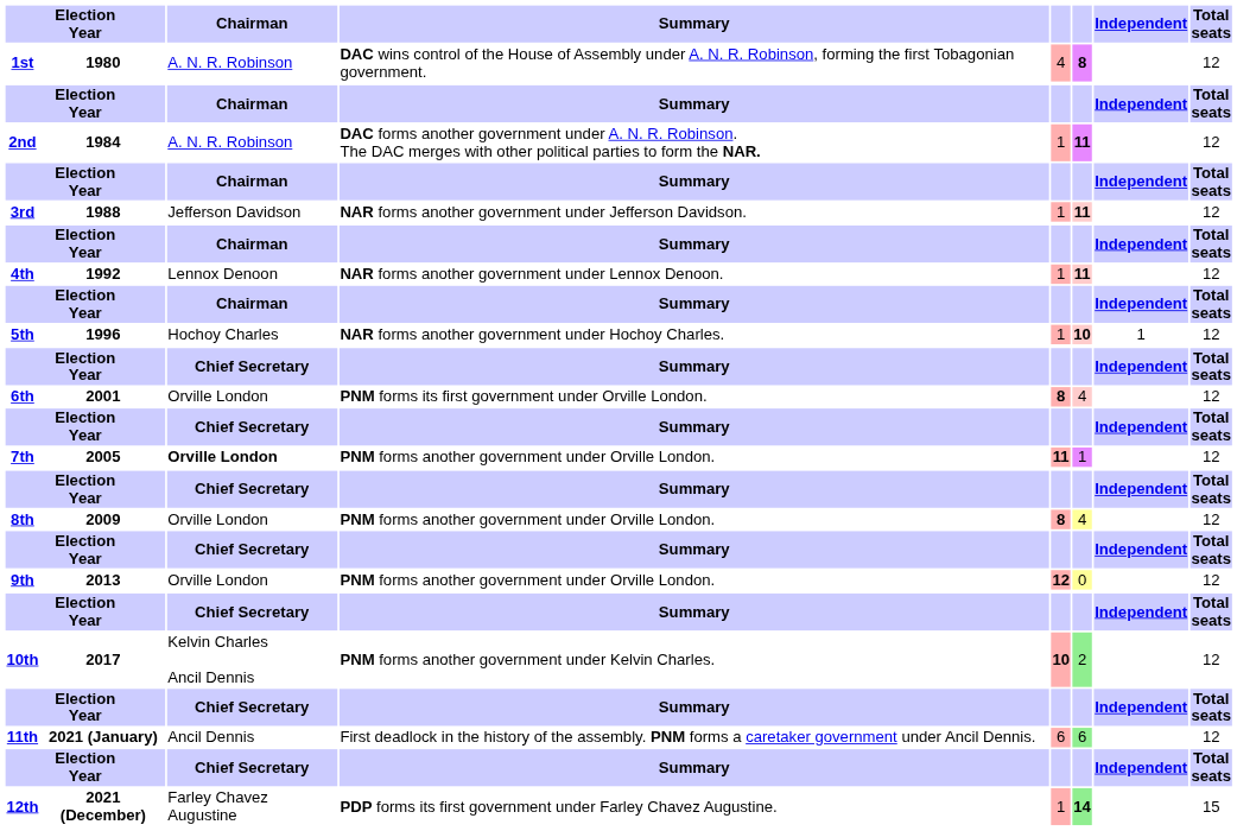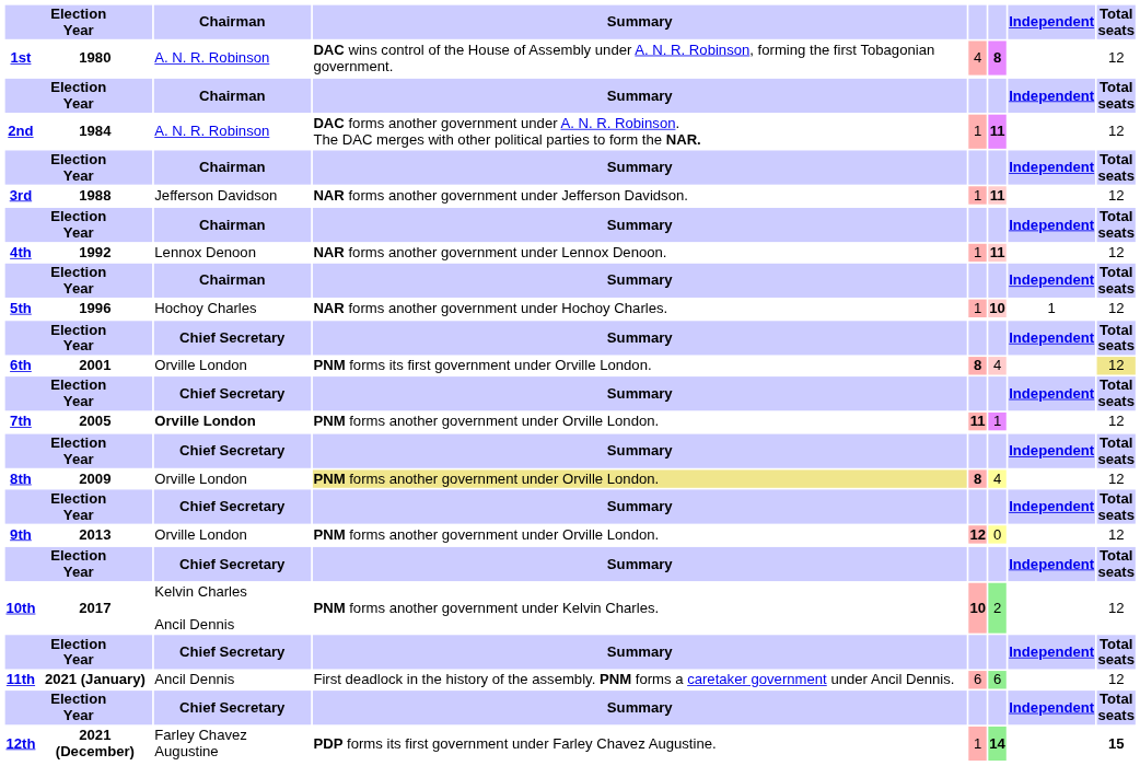 <table class="toccolours" id="summary-results-house-representatives" style="margin:0 auto; clear:both;" border="0">
 <tr style="background:#ccf;">
 <th colspan="2">Election<br>Year</th>
 <th colspan="2">Chairman</th>
 <th>Summary</th>
 <th style="background:"><a href='#'></a></th>
 <th style="background:"><a href='#'></a></th>
 <th><a href='#'>Independent</a></th>
 <th>Total<br>seats</th>
 </tr>
 <tr>
 <th><a href='#'>1st</a></th>
 <th>1980</th>
 <td><a href='#'>A. N. R. Robinson</a><br></td>
 <td></td>
 <td><strong>DAC</strong> wins control of the House of Assembly under <a href='#'>A. N. R. Robinson</a>, forming the first Tobagonian government.</td>
 <td style="text-align:center;"  bgcolor="FFAFAF">4</td>
 <td style="text-align:center;"  bgcolor="e788ff"><strong>8</strong></td>
 <td style="text-align:center;"> </td>
 <td style="text-align:center;">12</td>
 </tr>
 <tr style="background:#eee;">
 </tr>
 <tr style="background:#ccf;">
 <th colspan="2">Election<br>Year</th>
 <th colspan="2">Chairman</th>
 <th>Summary</th>
 <th style="background:"><a href='#'></a></th>
 <th style="background:"><a href='#'></a></th>
 <th><a href='#'>Independent</a></th>
 <th>Total<br>seats</th>
 </tr>
 <tr>
 <th><a href='#'>2nd</a></th>
 <th>1984</th>
 <td><a href='#'>A. N. R. Robinson</a><br></td>
 <td></td>
 <td><strong>DAC</strong> forms another government under <a href='#'>A. N. R. Robinson</a>.<br>The DAC merges with other political parties to form the <strong>NAR.</strong></td>
 <td style="text-align:center;"  bgcolor="FFAFAF">1</td>
 <td style="text-align:center;" bgcolor="e788ff"><strong>11</strong></td>
 <td style="text-align:center;"></td>
 <td style="text-align:center;">12</td>
 </tr>
 <tr style="background:#ccf;">
 <th colspan="2">Election<br>Year</th>
 <th colspan="2">Chairman</th>
 <th>Summary</th>
 <th style="background:"><a href='#'></a></th>
 <th style="background:"><a href='#'></a></th>
 <th><a href='#'>Independent</a></th>
 <th>Total<br>seats</th>
 </tr>
 <tr>
 <th><a href='#'>3rd</a></th>
 <th>1988</th>
 <td>Jefferson Davidson<br></td>
 <td></td>
 <td><strong>NAR</strong> forms another government under Jefferson Davidson.</td>
 <td style="text-align:center;" bgcolor="FFAFAF">1</td>
 <td style="text-align:center;" bgcolor="FFCCCC"><strong>11</strong></td>
 <td style="text-align:center;"></td>
 <td style="text-align:center;">12</td>
 </tr>
 <tr style="background:#eee;">
 </tr>
 <tr style="background:#ccf;">
 <th colspan="2">Election<br>Year</th>
 <th colspan="2">Chairman</th>
 <th>Summary</th>
 <th style="background:"><a href='#'></a></th>
 <th style="background:"><a href='#'></a></th>
 <th><a href='#'>Independent</a></th>
 <th>Total<br>seats</th>
 </tr>
 <tr>
 <th><a href='#'>4th</a></th>
 <th>1992</th>
 <td>Lennox Denoon<br></td>
 <td></td>
 <td><strong>NAR</strong> forms another government under Lennox Denoon.</td>
 <td style="text-align:center;" bgcolor="FFAFAF">1</td>
 <td style="text-align:center;" bgcolor="FFCCCC"><strong>11</strong></td>
 <td style="text-align:center;"></td>
 <td style="text-align:center;">12</td>
 </tr>
 <tr style="background:#ccf;">
 <th colspan="2">Election<br>Year</th>
 <th colspan="2">Chairman</th>
 <th>Summary</th>
 <th style="background:"><a href='#'></a></th>
 <th style="background:"><a href='#'></a></th>
 <th><a href='#'>Independent</a></th>
 <th>Total<br>seats</th>
 </tr>
 <tr>
 <th><a href='#'>5th</a></th>
 <th>1996</th>
 <td>Hochoy Charles<br></td>
 <td></td>
 <td><strong>NAR</strong> forms another government under Hochoy Charles.</td>
 <td style="text-align:center;" bgcolor="FFAFAF">1</td>
 <td style="text-align:center;" bgcolor="FFCCCC"><strong>10</strong></td>
 <td style="text-align:center;">1</td>
 <td style="text-align:center;">12<br></td>
 </tr>
 <tr style="background:#eee;">
 </tr>
 <tr style="background:#ccf;">
 <th colspan="2">Election<br>Year</th>
 <th colspan="2">Chief Secretary</th>
 <th>Summary</th>
 <th style="background:"><a href='#'></a></th>
 <th style="background:"><a href='#'></a></th>
 <th><a href='#'>Independent</a></th>
 <th>Total<br>seats</th>
 </tr>
 <tr>
 <th><a href='#'>6th</a></th>
 <th>2001</th>
 <td>Orville London<br></td>
 <td></td>
 <td><strong>PNM</strong> forms its first government under Orville London.</td>
 <td style="text-align:center;" bgcolor="FFAFAF"><strong>8</strong></td>
 <td style="text-align:center;" bgcolor="FFCCCC">4</td>
 <td style="text-align:center;"></td>
-<td style="text-align:center;">12<br></td>
+<td style="background: khaki; text-align:center;">12<br></td>
 </tr>
 <tr style="background:#ccf;">
 <th colspan="2">Election<br>Year</th>
 <th colspan="2">Chief Secretary</th>
 <th>Summary</th>
 <th style="background:"><a href='#'></a></th>
 <th style="background:"><a href='#'></a></th>
 <th><a href='#'>Independent</a></th>
 <th>Total<br>seats</th>
 </tr>
 <tr>
 <th><a href='#'>7th</a></th>
 <th>2005</th>
 <td><strong>Orville London<br></strong></td>
 <td></td>
 <td><strong>PNM</strong> forms another government under Orville London.</td>
 <td style="text-align:center;" bgcolor="FFAFAF"><strong>11</strong></td>
 <td style="text-align:center;" bgcolor="e788ff">1</td>
 <td style="text-align:center;"></td>
 <td style="text-align:center;">12<br></td>
 </tr>
 <tr style="background:#eee;">
 </tr>
 <tr style="background:#ccf;">
 <th colspan="2">Election<br>Year</th>
 <th colspan="2">Chief Secretary</th>
 <th>Summary</th>
 <th style="background:"><a href='#'></a></th>
 <th style="background:"><a href='#'></a></th>
 <th><a href='#'>Independent</a></th>
 <th>Total<br>seats</th>
 </tr>
 <tr>
 <th><a href='#'>8th</a></th>
 <th>2009</th>
 <td>Orville London<br></td>
 <td></td>
-<td><strong>PNM</strong> forms another government under Orville London.</td>
+<td style="background: khaki;"><strong>PNM</strong> forms another government under Orville London.</td>
 <td style="text-align:center;" bgcolor="FFAFAF"><strong>8</strong></td>
 <td style="text-align:center;" bgcolor="ffff99">4</td>
 <td style="text-align:center;"></td>
 <td style="text-align:center;">12<br></td>
 </tr>
 <tr style="background:#ccf;">
 <th colspan="2">Election<br>Year</th>
 <th colspan="2">Chief Secretary</th>
 <th>Summary</th>
 <th style="background:"><a href='#'></a></th>
 <th style="background:"><a href='#'></a></th>
 <th><a href='#'>Independent</a></th>
 <th>Total<br>seats</th>
 </tr>
 <tr>
 <th><a href='#'>9th</a></th>
 <th>2013</th>
 <td>Orville London<br></td>
 <td></td>
 <td><strong>PNM</strong> forms another government under Orville London.</td>
 <td style="text-align:center;" bgcolor="FFAFAF"><strong>12</strong></td>
 <td style="text-align:center;" bgcolor="ffff99">0</td>
 <td style="text-align:center;"></td>
 <td style="text-align:center;">12<br></td>
 </tr>
 <tr style="background:#eee;">
 </tr>
 <tr style="background:#ccf;">
 <th colspan="2">Election<br>Year</th>
 <th colspan="2">Chief Secretary</th>
 <th>Summary</th>
 <th style="background:"><a href='#'></a></th>
 <th style="background:"></th>
 <th><a href='#'>Independent</a></th>
 <th>Total<br>seats</th>
 </tr>
 <tr>
 <th><a href='#'>10th</a></th>
 <th>2017</th>
 <td>Kelvin Charles<br><br>Ancil Dennis<br></td>
 <td><br></td>
 <td><strong>PNM</strong> forms another government under Kelvin Charles.</td>
 <td style="text-align:center;" bgcolor="FFAFAF"><strong>10</strong></td>
 <td style="text-align:center;" bgcolor="90ee90">2</td>
 <td style="text-align:center;"></td>
 <td style="text-align:center;">12<br></td>
 </tr>
 <tr style="background:#ccf;">
 <th colspan="2">Election<br>Year</th>
 <th colspan="2">Chief Secretary</th>
 <th>Summary</th>
 <th style="background:"><a href='#'></a></th>
 <th style="background:"></th>
 <th><a href='#'>Independent</a></th>
 <th>Total<br>seats</th>
 </tr>
 <tr>
 <th><a href='#'>11th</a></th>
 <th>2021 (January)</th>
 <td>Ancil Dennis<br></td>
 <td></td>
 <td>First deadlock in the history of the assembly. <strong>PNM</strong> forms a <a href='#'>caretaker government</a> under Ancil Dennis.</td>
 <td style="text-align:center;" bgcolor="FFAFAF">6</td>
 <td style="text-align:center;" bgcolor="90ee90">6</td>
 <td style="text-align:center;"></td>
 <td style="text-align:center;">12<br></td>
 </tr>
 <tr style="background:#ccf;">
 <th colspan="2">Election<br>Year</th>
 <th colspan="2">Chief Secretary</th>
 <th>Summary</th>
 <th style="background:"><a href='#'></a></th>
 <th style="background:"></th>
 <th><a href='#'>Independent</a></th>
 <th>Total<br>seats</th>
 </tr>
 <tr>
 <th><a href='#'>12th</a></th>
 <th>2021 (December)</th>
 <td>Farley Chavez Augustine<br></td>
 <td></td>
 <td><strong>PDP</strong> forms its first government under Farley Chavez Augustine.</td>
 <td style="text-align:center;" bgcolor="FFAFAF">1</td>
 <td style="text-align:center;" bgcolor="90ee90"><strong>14</strong></td>
 <td style="text-align:center;"></td>
-<td style="text-align:center;">15<br></td>
+<td style="text-align:center;"><strong>15<br></strong></td>
 </tr>
 </table>
